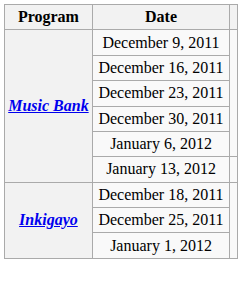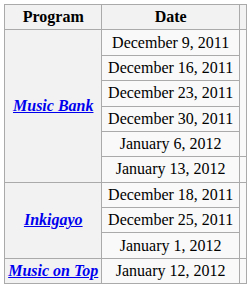 <table class="wikitable plainrowheaders sortable" style="text-align:center">
 <tr>
 <th>Program</th>
 <th style="width:130px;">Date</th>
 <th class="unsortable"></th>
 </tr>
 <tr>
 <th scope="row" rowspan="6"><em><a href='#'>Music Bank</a></em></th>
 <td>December 9, 2011</td>
 <td rowspan="5"></td>
 </tr>
 <tr>
 <td>December 16, 2011</td>
 </tr>
 <tr>
 <td>December 23, 2011</td>
 </tr>
 <tr>
 <td>December 30, 2011</td>
 </tr>
 <tr>
 <td>January 6, 2012</td>
 </tr>
 <tr>
 <td>January 13, 2012</td>
 <td></td>
 </tr>
 <tr>
 <th scope="row" rowspan="3"><em><a href='#'>Inkigayo</a></em></th>
 <td>December 18, 2011</td>
 <td rowspan="3"></td>
 </tr>
 <tr>
 <td>December 25, 2011</td>
 </tr>
 <tr>
 <td>January 1, 2012</td>
 </tr>
+<tr>
+<th scope="row"><em><a href='#'>Music on Top</a></em></th>
+<td>January 12, 2012</td>
+<td></td>
+</tr>
 </table>
